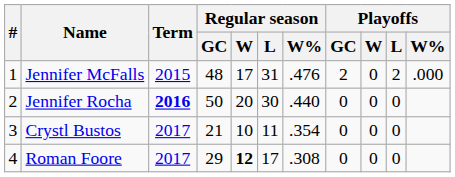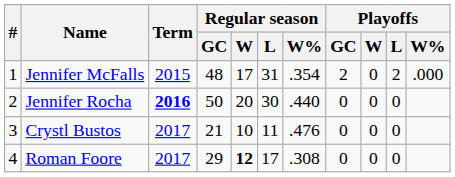 <table class="wikitable">
 <tr>
 <th rowspan="2">#</th>
 <th rowspan="2">Name</th>
 <th rowspan="2">Term</th>
 <th colspan="4">Regular season</th>
 <th colspan="4">Playoffs</th>
 </tr>
 <tr>
 <th>GC</th>
 <th>W</th>
 <th>L</th>
 <th>W%</th>
 <th>GC</th>
 <th>W</th>
 <th>L</th>
 <th>W%</th>
 </tr>
 <tr>
 <td align=center>1</td>
 <td><a href='#'>Jennifer McFalls</a></td>
 <td align=center><a href='#'>2015</a></td>
 <td align=center>48</td>
 <td align=center>17</td>
 <td align=center>31</td>
-<td align=center>.476</td>
+<td align=center>.354</td>
 <td align=center>2</td>
 <td align=center>0</td>
 <td align=center>2</td>
 <td align=center>.000</td>
 </tr>
 <tr>
 <td align=center>2</td>
 <td><a href='#'>Jennifer Rocha</a></td>
 <td align=center><strong><a href='#'>2016</a></strong></td>
 <td align=center>50</td>
 <td align=center>20</td>
 <td align=center>30</td>
 <td align=center>.440</td>
 <td align=center>0</td>
 <td align=center>0</td>
 <td align=center>0</td>
 <td align=center></td>
 </tr>
 <tr>
 <td align=center>3</td>
 <td><a href='#'>Crystl Bustos</a></td>
 <td align=center><a href='#'>2017</a></td>
 <td align=center>21</td>
 <td align=center>10</td>
 <td align=center>11</td>
-<td align=center>.354</td>
+<td align=center>.476</td>
 <td align=center>0</td>
 <td align=center>0</td>
 <td align=center>0</td>
 <td align=center></td>
 </tr>
 <tr>
 <td align=center>4</td>
 <td><a href='#'>Roman Foore</a></td>
 <td align=center><a href='#'>2017</a></td>
 <td align=center>29</td>
 <td align=center><strong>12</strong></td>
 <td align=center>17</td>
 <td align=center>.308</td>
 <td align=center>0</td>
 <td align=center>0</td>
 <td align=center>0</td>
 <td align=center></td>
 </tr>
 </table>
